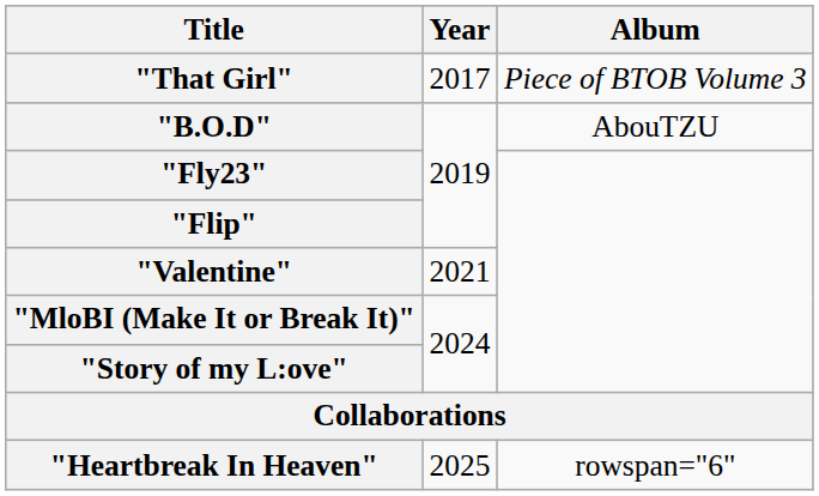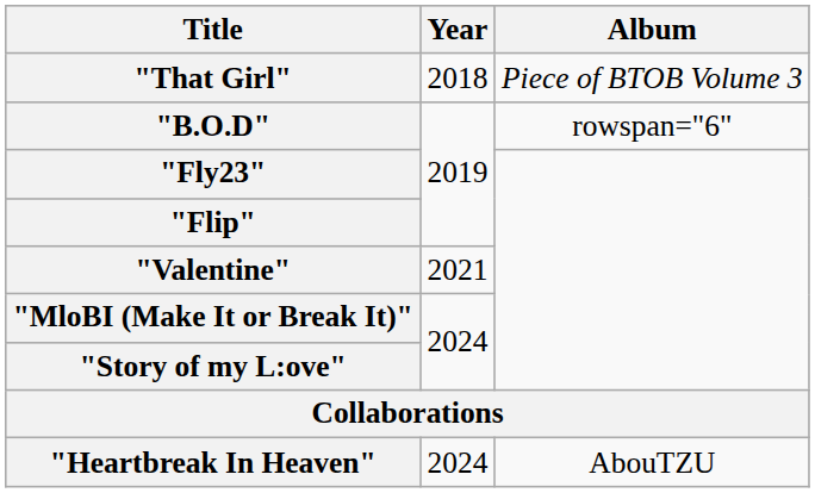 <table class="wikitable plainrowheaders" style="text-align:center;">
 <tr>
 <th scope="col">Title</th>
 <th scope="col">Year</th>
 <th scope="col">Album</th>
 </tr>
 <tr>
 <th scope="row">"That Girl"</th>
-<td>2017</td>
+<td>2018</td>
 <td><em>Piece of BTOB Volume 3</em></td>
 </tr>
 <tr>
 <th scope="row">"B.O.D"</th>
 <td rowspan="3">2019</td>
-<td>AbouTZU</td>
+<td>rowspan="6" </td>
 </tr>
 <tr>
 <th scope="row">"Fly23"</th>
 </tr>
 <tr>
 <th scope="row">"Flip"</th>
 </tr>
 <tr>
 <th scope="row">"Valentine"</th>
 <td>2021</td>
 </tr>
 <tr>
 <th scope="row">"MloBI (Make It or Break It)"</th>
 <td rowspan="2">2024</td>
 </tr>
 <tr>
 <th scope="row">"Story of my L:ove"</th>
 </tr>
 <tr>
 <th scope="col" colspan="5">Collaborations</th>
 </tr>
 <tr>
 <th scope="row">"Heartbreak In Heaven" </th>
-<td>2025</td>
-<td>rowspan="6" </td>
+<td>2024</td>
+<td>AbouTZU</td>
 </tr>
 </table>
